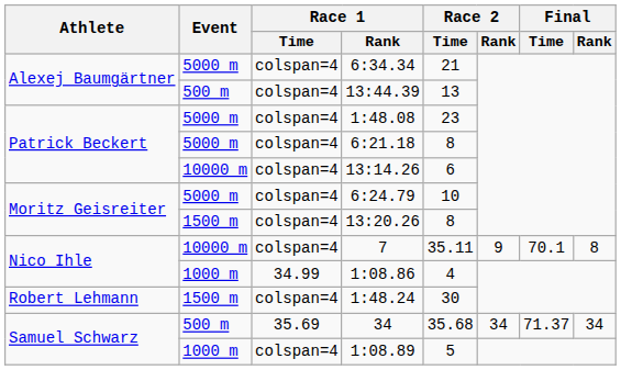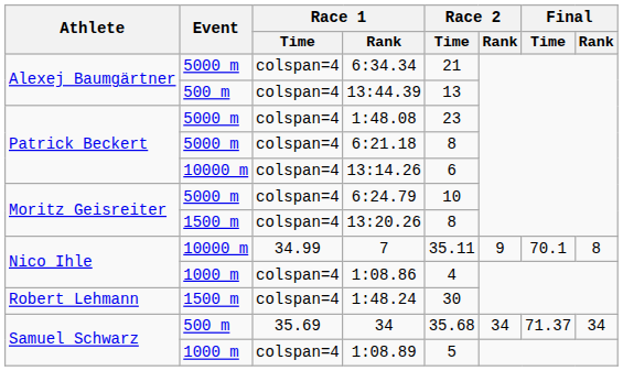 <table class="wikitable" style="font-size:90%">
 <tr>
 <th rowspan=2>Athlete</th>
 <th rowspan=2>Event</th>
 <th colspan=2>Race 1</th>
 <th colspan=2>Race 2</th>
 <th colspan=2>Final</th>
 </tr>
 <tr style="font-size:95%">
 <th>Time</th>
 <th>Rank</th>
 <th>Time</th>
 <th>Rank</th>
 <th>Time</th>
 <th>Rank</th>
 </tr>
 <tr align=center>
 <td align=left rowspan=2><a href='#'>Alexej Baumgärtner</a></td>
 <td align=left><a href='#'>5000 m</a></td>
 <td>colspan=4 </td>
 <td>6:34.34</td>
 <td>21</td>
 </tr>
 <tr align=center>
 <td align=left><a href='#'>500 m</a></td>
 <td>colspan=4 </td>
 <td>13:44.39</td>
 <td>13</td>
 </tr>
 <tr align=center>
 <td align=left rowspan=3><a href='#'>Patrick Beckert</a></td>
 <td align=left><a href='#'>5000 m</a></td>
 <td>colspan=4 </td>
 <td>1:48.08</td>
 <td>23</td>
 </tr>
 <tr align=center>
 <td align=left><a href='#'>5000 m</a></td>
 <td>colspan=4 </td>
 <td>6:21.18</td>
 <td>8</td>
 </tr>
 <tr align=center>
 <td align=left><a href='#'>10000 m</a></td>
 <td>colspan=4 </td>
 <td>13:14.26</td>
 <td>6</td>
 </tr>
 <tr align=center>
 <td align=left rowspan=2><a href='#'>Moritz Geisreiter</a></td>
 <td align=left><a href='#'>5000 m</a></td>
 <td>colspan=4 </td>
 <td>6:24.79</td>
 <td>10</td>
 </tr>
 <tr align=center>
 <td align=left><a href='#'>1500 m</a></td>
 <td>colspan=4 </td>
 <td>13:20.26</td>
 <td>8</td>
 </tr>
 <tr align=center>
 <td align=left rowspan=2><a href='#'>Nico Ihle</a></td>
 <td align=left><a href='#'>10000 m</a></td>
-<td>colspan=4 </td>
+<td>34.99</td>
 <td>7</td>
 <td>35.11</td>
 <td>9</td>
 <td>70.1</td>
 <td>8</td>
 </tr>
 <tr align=center>
 <td align=left><a href='#'>1000 m</a></td>
-<td>34.99</td>
+<td>colspan=4 </td>
 <td>1:08.86</td>
 <td>4</td>
 </tr>
 <tr align=center>
 <td align=left><a href='#'>Robert Lehmann</a></td>
 <td align=left><a href='#'>1500 m</a></td>
 <td>colspan=4 </td>
 <td>1:48.24</td>
 <td>30</td>
 </tr>
 <tr align=center>
 <td align=left rowspan=2><a href='#'>Samuel Schwarz</a></td>
 <td align=left><a href='#'>500 m</a></td>
 <td>35.69</td>
 <td>34</td>
 <td>35.68</td>
 <td>34</td>
 <td>71.37</td>
 <td>34</td>
 </tr>
 <tr align=center>
 <td align=left><a href='#'>1000 m</a></td>
 <td>colspan=4 </td>
 <td>1:08.89</td>
 <td>5</td>
 </tr>
 </table>
